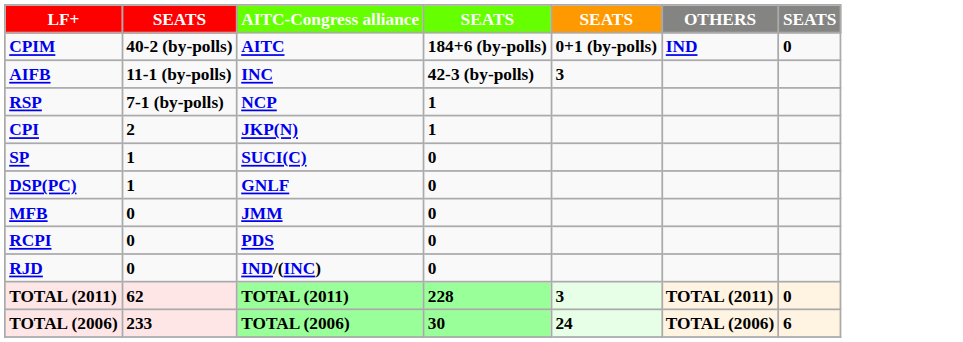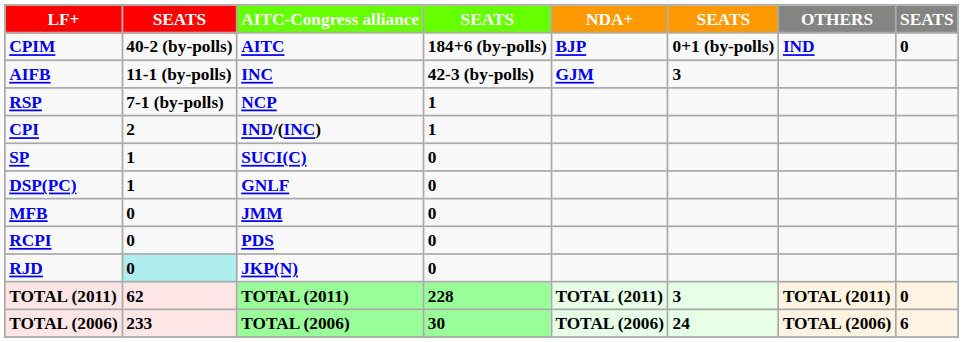 <table class="wikitable" style="font-weight: bold; font-size: x-small; font-family: verdana">
 <tr>
 <th style="background:#f00; color:white;">LF+</th>
 <th style="background:#f00; color:white;">SEATS</th>
 <th style="background:#66FF00; color:white;">AITC-Congress alliance</th>
 <th style="background:#66FF00; color:white;">SEATS</th>
+<th style="background:#f90; color:white;">NDA+</th>
 <th style="background:#f90; color:white;">SEATS</th>
 <th style="background:#848482; color:white;">OTHERS</th>
 <th style="background:#848482; color:white;">SEATS</th>
 </tr>
 <tr>
 <td><a href='#'>CPIM</a></td>
 <td>40-2 (by-polls)</td>
 <td><a href='#'>AITC</a></td>
 <td>184+6 (by-polls)</td>
+<td><a href='#'>BJP</a></td>
 <td>0+1 (by-polls)</td>
 <td><a href='#'>IND</a></td>
 <td>0</td>
 </tr>
 <tr>
 <td><a href='#'>AIFB</a></td>
 <td>11-1 (by-polls)</td>
 <td><a href='#'>INC</a></td>
 <td>42-3 (by-polls)</td>
+<td><a href='#'>GJM</a></td>
 <td>3</td>
 <td></td>
 <td></td>
 </tr>
 <tr>
 <td><a href='#'>RSP</a></td>
 <td>7-1 (by-polls)</td>
 <td><a href='#'>NCP</a></td>
 <td>1</td>
 <td></td>
 <td></td>
 <td></td>
+<td></td>
 </tr>
 <tr>
 <td><a href='#'>CPI</a></td>
 <td>2</td>
-<td><a href='#'>JKP(N)</a></td>
+<td><a href='#'>IND</a>/(<a href='#'>INC</a>)</td>
 <td>1</td>
+<td></td>
 <td></td>
 <td></td>
 <td></td>
 </tr>
 <tr>
 <td><a href='#'>SP</a></td>
 <td>1</td>
 <td><a href='#'>SUCI(C)</a></td>
 <td>0</td>
 <td></td>
 <td></td>
 <td></td>
+<td></td>
 </tr>
 <tr>
 <td><a href='#'>DSP(PC)</a></td>
 <td>1</td>
 <td><a href='#'>GNLF</a></td>
 <td>0</td>
+<td></td>
 <td></td>
 <td></td>
 <td></td>
 </tr>
 <tr>
 <td><a href='#'>MFB</a></td>
 <td>0</td>
 <td><a href='#'>JMM</a></td>
 <td>0</td>
 <td></td>
 <td></td>
 <td></td>
+<td></td>
 </tr>
 <tr>
 <td><a href='#'>RCPI</a></td>
 <td>0</td>
 <td><a href='#'>PDS</a></td>
 <td>0</td>
 <td></td>
 <td></td>
 <td></td>
+<td></td>
 </tr>
 <tr>
 <td><a href='#'>RJD</a></td>
+<td style="background: paleturquoise;">0</td>
+<td><a href='#'>JKP(N)</a></td>
 <td>0</td>
-<td><a href='#'>IND</a>/(<a href='#'>INC</a>)</td>
-<td>0</td>
+<td></td>
 <td></td>
 <td></td>
 <td></td>
 </tr>
 <tr>
 <td style="background:#ffe6e6;">TOTAL (2011)</td>
 <td style="background:#ffe6e6;">62</td>
 <td style="background:#9f9;">TOTAL (2011)</td>
 <td style="background:#9f9;">228</td>
+<td style="background:#e6ffe6;">TOTAL (2011)</td>
 <td style="background:#e6ffe6;">3</td>
 <td style="background:#fff3e1;">TOTAL (2011)</td>
 <td style="background:#fff3e1;">0</td>
 </tr>
 <tr>
 <td style="background:#ffe6e6;">TOTAL (2006)</td>
 <td style="background:#ffe6e6;">233</td>
 <td style="background:#9f9;">TOTAL (2006)</td>
 <td style="background:#9f9;">30</td>
+<td style="background:#e6ffe6;">TOTAL (2006)</td>
 <td style="background:#e6ffe6;">24</td>
 <td style="background:#fff3e1;">TOTAL (2006)</td>
 <td style="background:#fff3e1;">6</td>
 </tr>
 </table>
